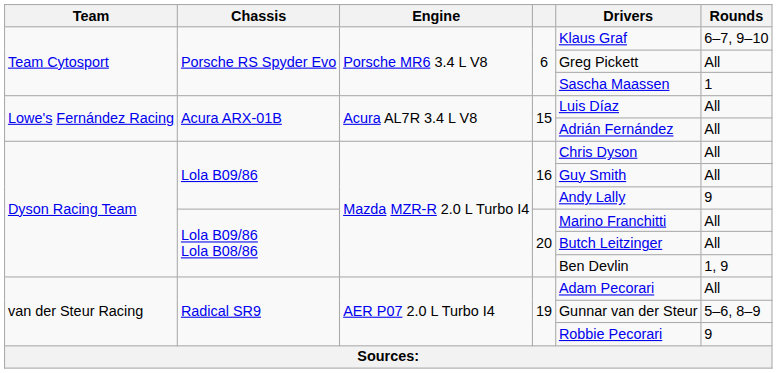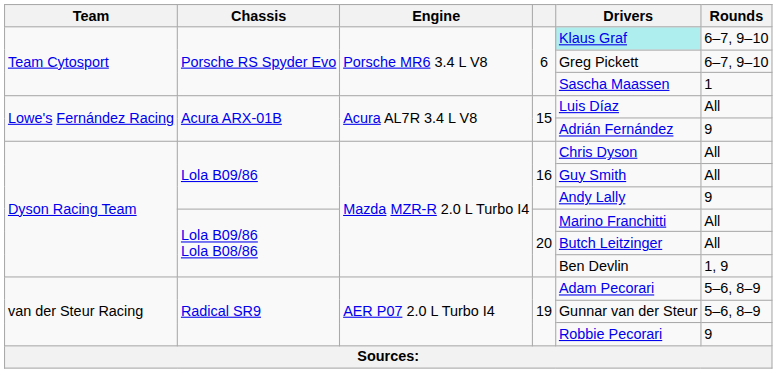 <table class="wikitable" style="font-size: 85%">
 <tr>
 <th>Team</th>
 <th>Chassis</th>
 <th>Engine</th>
 <th></th>
 <th>Drivers</th>
 <th>Rounds</th>
 </tr>
 <tr>
 <td rowspan="3"> <a href='#'>Team Cytosport</a></td>
 <td rowspan="3"><a href='#'>Porsche RS Spyder Evo</a></td>
 <td rowspan="3"><a href='#'>Porsche MR6</a> 3.4 L V8</td>
 <td rowspan="3" align="center">6</td>
-<td> <a href='#'>Klaus Graf</a></td>
+<td style="background: paleturquoise;"> <a href='#'>Klaus Graf</a></td>
 <td>6–7, 9–10</td>
 </tr>
 <tr>
 <td> Greg Pickett</td>
-<td>All</td>
+<td>6–7, 9–10</td>
 </tr>
 <tr>
 <td> <a href='#'>Sascha Maassen</a></td>
 <td>1</td>
 </tr>
 <tr>
 <td rowspan="2"> <a href='#'>Lowe's</a> <a href='#'>Fernández Racing</a></td>
 <td rowspan="2"><a href='#'>Acura ARX-01B</a></td>
 <td rowspan="2"><a href='#'>Acura</a> AL7R 3.4 L V8</td>
 <td rowspan="2" align="center">15</td>
 <td> <a href='#'>Luis Díaz</a></td>
 <td>All</td>
 </tr>
 <tr>
 <td> <a href='#'>Adrián Fernández</a></td>
-<td>All</td>
+<td>9</td>
 </tr>
 <tr>
 <td rowspan="6"> <a href='#'>Dyson Racing Team</a></td>
 <td rowspan="3"><a href='#'>Lola B09/86</a></td>
 <td rowspan="6"><a href='#'>Mazda</a> <a href='#'>MZR-R</a> 2.0 L Turbo I4</td>
 <td rowspan="3" align="center">16</td>
 <td> <a href='#'>Chris Dyson</a></td>
 <td>All</td>
 </tr>
 <tr>
 <td> <a href='#'>Guy Smith</a></td>
 <td>All</td>
 </tr>
 <tr>
 <td> <a href='#'>Andy Lally</a></td>
 <td>9</td>
 </tr>
 <tr>
 <td rowspan="3"><a href='#'>Lola B09/86</a> <small></small><br><a href='#'>Lola B08/86</a> <small></small></td>
 <td rowspan="3" align="center">20</td>
 <td> <a href='#'>Marino Franchitti</a></td>
 <td>All</td>
 </tr>
 <tr>
 <td> <a href='#'>Butch Leitzinger</a></td>
 <td>All</td>
 </tr>
 <tr>
 <td> Ben Devlin</td>
 <td>1, 9</td>
 </tr>
 <tr>
 <td rowspan="3"> van der Steur Racing</td>
 <td rowspan="3"><a href='#'>Radical SR9</a></td>
 <td rowspan="3"><a href='#'>AER P07</a> 2.0 L Turbo I4</td>
 <td rowspan="3" align="center">19</td>
 <td> <a href='#'>Adam Pecorari</a></td>
-<td>All</td>
+<td>5–6, 8–9</td>
 </tr>
 <tr>
 <td> Gunnar van der Steur</td>
 <td>5–6, 8–9</td>
 </tr>
 <tr>
 <td> <a href='#'>Robbie Pecorari</a></td>
 <td>9</td>
 </tr>
 <tr>
 <th colspan="6">Sources:</th>
 </tr>
 </table>
